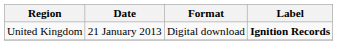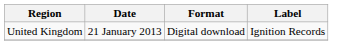 <table class=wikitable>
 <tr>
 <th>Region</th>
 <th>Date</th>
 <th>Format</th>
 <th>Label</th>
 </tr>
 <tr>
 <td>United Kingdom</td>
 <td>21 January 2013</td>
 <td>Digital download</td>
-<td><strong>Ignition Records</strong></td>
+<td>Ignition Records</td>
 </tr>
 <tr>
 </tr>
 </table>
